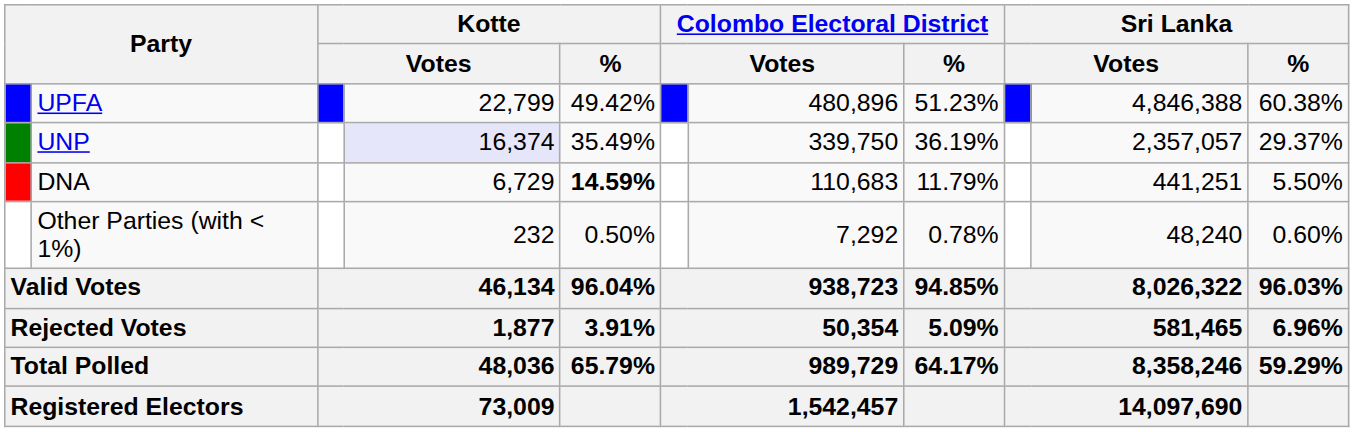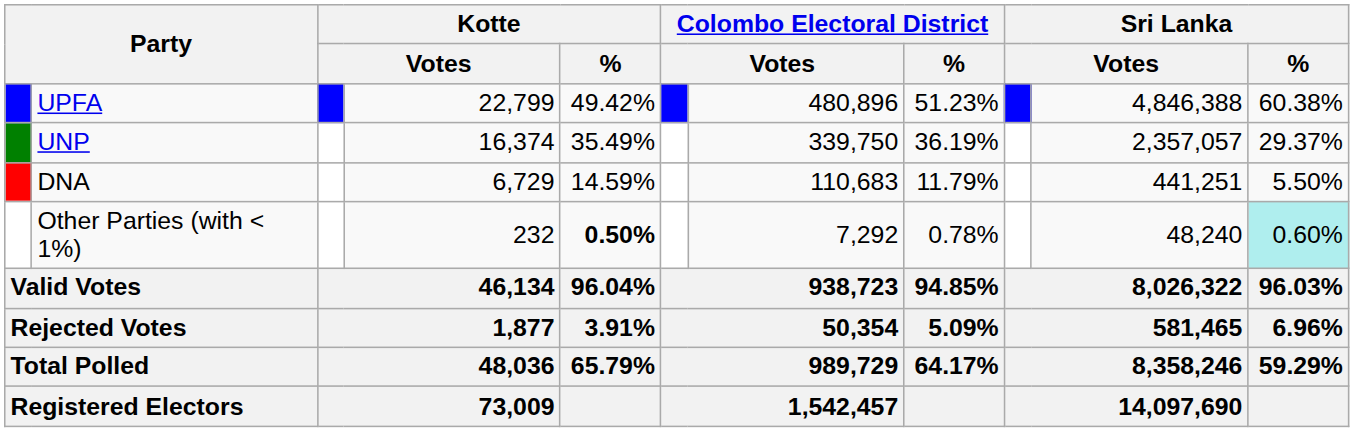 <table class="wikitable">
 <tr>
 <th colspan="2" width="144px"rowspan="2">Party</th>
 <th colspan="3" width="216px">Kotte</th>
 <th colspan="3" width="216px"><a href='#'>Colombo Electoral District</a></th>
 <th colspan="3" width="216px">Sri Lanka</th>
 </tr>
 <tr>
 <th colspan="2" width="144px">Votes</th>
 <th>%</th>
 <th colspan="2" width="144px">Votes</th>
 <th>%</th>
 <th colspan="2" width="144px">Votes</th>
 <th>%</th>
 </tr>
 <tr>
 <td style="background-color:blue;" width="10px"></td>
 <td style="text-align:left;"><a href='#'>UPFA</a></td>
 <td style="background-color:blue;" width="10px"></td>
 <td style="text-align:right;">22,799</td>
 <td style="text-align:right;">49.42%</td>
 <td style="background-color:blue;" width="10px"></td>
 <td style="text-align:right;">480,896</td>
 <td style="text-align:right;">51.23%</td>
 <td style="background-color:blue;" width="10px"></td>
 <td style="text-align:right;">4,846,388</td>
 <td style="text-align:right;">60.38%</td>
 </tr>
 <tr>
 <td style="background-color:green;" width="10px"></td>
 <td style="text-align:left;"><a href='#'>UNP</a></td>
 <td style="background-color:white;" width="10px"></td>
-<td style="background: lavender; text-align:right;">16,374</td>
+<td style="text-align:right;">16,374</td>
 <td style="text-align:right;">35.49%</td>
 <td style="background-color:white;" width="10px"></td>
 <td style="text-align:right;">339,750</td>
 <td style="text-align:right;">36.19%</td>
 <td style="background-color:white;" width="10px"></td>
 <td style="text-align:right;">2,357,057</td>
 <td style="text-align:right;">29.37%</td>
 </tr>
 <tr>
 <td style="background-color:red;" width="10px"></td>
 <td style="text-align:left;">DNA</td>
 <td style="background-color:white;" width="10px"></td>
 <td style="text-align:right;">6,729</td>
-<td style="text-align:right;"><strong>14.59%</strong></td>
+<td style="text-align:right;">14.59%</td>
 <td style="background-color:white;" width="10px"></td>
 <td style="text-align:right;">110,683</td>
 <td style="text-align:right;">11.79%</td>
 <td style="background-color:white;" width="10px"></td>
 <td style="text-align:right;">441,251</td>
 <td style="text-align:right;">5.50%</td>
 </tr>
 <tr>
 <td style="background-color:white;" width="10px"></td>
 <td style="text-align:left;">Other Parties (with < 1%)</td>
 <td style="background-color:white;" width="10px"></td>
 <td style="text-align:right;">232</td>
-<td style="text-align:right;">0.50%</td>
+<td style="text-align:right;"><strong>0.50%</strong></td>
 <td style="background-color:white;" width="10px"></td>
 <td style="text-align:right;">7,292</td>
 <td style="text-align:right;">0.78%</td>
 <td style="background-color:white;" width="10px"></td>
 <td style="text-align:right;">48,240</td>
-<td style="text-align:right;">0.60%</td>
+<td style="background: paleturquoise; text-align:right;">0.60%</td>
 </tr>
 <tr>
 <th colspan="2" width="144px"style="text-align:left;">Valid Votes</th>
 <th style="text-align:right;"colspan="2" width="144px">46,134</th>
 <th style="text-align:right;">96.04%</th>
 <th style="text-align:right;"colspan="2" width="144px">938,723</th>
 <th style="text-align:right;">94.85%</th>
 <th style="text-align:right;"colspan="2" width="144px">8,026,322</th>
 <th style="text-align:right;">96.03%</th>
 </tr>
 <tr>
 <th colspan="2" width="144px"style="text-align:left;">Rejected Votes</th>
 <th style="text-align:right;"colspan="2" width="144px">1,877</th>
 <th style="text-align:right;">3.91%</th>
 <th style="text-align:right;"colspan="2" width="144px">50,354</th>
 <th style="text-align:right;">5.09%</th>
 <th style="text-align:right;"colspan="2" width="144px">581,465</th>
 <th style="text-align:right;">6.96%</th>
 </tr>
 <tr>
 <th colspan="2" width="144px"style="text-align:left;">Total Polled</th>
 <th style="text-align:right;"colspan="2" width="144px">48,036</th>
 <th style="text-align:right;">65.79%</th>
 <th style="text-align:right;"colspan="2" width="144px">989,729</th>
 <th style="text-align:right;">64.17%</th>
 <th style="text-align:right;"colspan="2" width="144px">8,358,246</th>
 <th style="text-align:right;">59.29%</th>
 </tr>
 <tr>
 <th colspan="2" width="144px"style="text-align:left;">Registered Electors</th>
 <th style="text-align:right;"colspan="2" width="144px">73,009</th>
 <th></th>
 <th style="text-align:right;"colspan="2" width="144px">1,542,457</th>
 <th></th>
 <th style="text-align:right;"colspan="2" width="144px">14,097,690</th>
 <th></th>
 </tr>
 </table>
